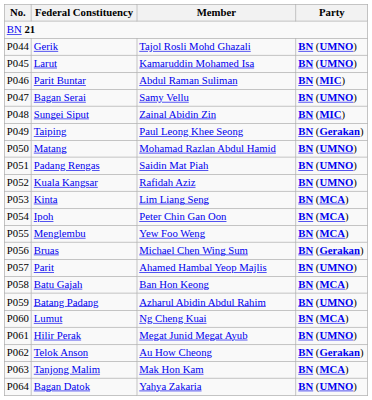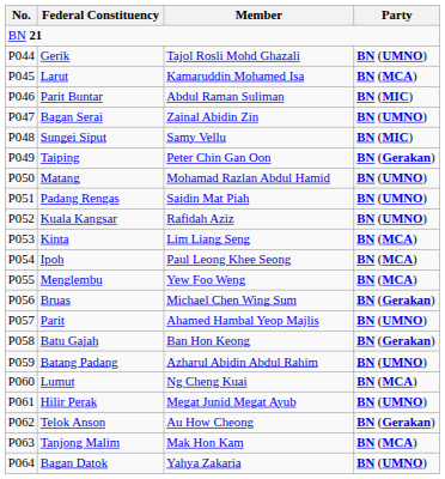 <table class="wikitable sortable">
 <tr>
 <th style="width:30px;">No.</th>
 <th style="width:150px;">Federal Constituency</th>
 <th style="width:230px;">Member</th>
 <th style="width:100px;">Party</th>
 </tr>
 <tr>
 <td colspan="4"><a href='#'>BN</a> <strong>21</strong></td>
 </tr>
 <tr>
 <td>P044</td>
 <td><a href='#'>Gerik</a></td>
 <td><a href='#'>Tajol Rosli Mohd Ghazali</a></td>
 <td><strong><a href='#'>BN</a></strong> (<strong><a href='#'>UMNO</a></strong>)</td>
 </tr>
 <tr>
 <td>P045</td>
 <td><a href='#'>Larut</a></td>
 <td><a href='#'>Kamaruddin Mohamed Isa</a></td>
-<td><strong><a href='#'>BN</a></strong> (<strong><a href='#'>UMNO</a></strong>)</td>
+<td><strong><a href='#'>BN</a></strong> (<strong><a href='#'>MCA</a></strong>)</td>
 </tr>
 <tr>
 <td>P046</td>
 <td><a href='#'>Parit Buntar</a></td>
 <td><a href='#'>Abdul Raman Suliman</a></td>
 <td><strong><a href='#'>BN</a></strong> (<strong><a href='#'>MIC</a></strong>)</td>
 </tr>
 <tr>
 <td>P047</td>
 <td><a href='#'>Bagan Serai</a></td>
-<td><a href='#'>Samy Vellu</a></td>
+<td><a href='#'>Zainal Abidin Zin</a></td>
 <td><strong><a href='#'>BN</a></strong> (<strong><a href='#'>UMNO</a></strong>)</td>
 </tr>
 <tr>
 <td>P048</td>
 <td><a href='#'>Sungei Siput</a></td>
-<td><a href='#'>Zainal Abidin Zin</a></td>
+<td><a href='#'>Samy Vellu</a></td>
 <td><strong><a href='#'>BN</a></strong> (<strong><a href='#'>MIC</a></strong>)</td>
 </tr>
 <tr>
 <td>P049</td>
 <td><a href='#'>Taiping</a></td>
-<td><a href='#'>Paul Leong Khee Seong</a></td>
+<td><a href='#'>Peter Chin Gan Oon</a></td>
 <td><strong><a href='#'>BN</a></strong> (<strong><a href='#'>Gerakan</a></strong>)</td>
 </tr>
 <tr>
 <td>P050</td>
 <td><a href='#'>Matang</a></td>
 <td><a href='#'>Mohamad Razlan Abdul Hamid</a></td>
 <td><strong><a href='#'>BN</a></strong> (<strong><a href='#'>UMNO</a></strong>)</td>
 </tr>
 <tr>
 <td>P051</td>
 <td><a href='#'>Padang Rengas</a></td>
 <td><a href='#'>Saidin Mat Piah</a></td>
 <td><strong><a href='#'>BN</a></strong> (<strong><a href='#'>UMNO</a></strong>)</td>
 </tr>
 <tr>
 <td>P052</td>
 <td><a href='#'>Kuala Kangsar</a></td>
 <td><a href='#'>Rafidah Aziz</a></td>
 <td><strong><a href='#'>BN</a></strong> (<strong><a href='#'>UMNO</a></strong>)</td>
 </tr>
 <tr>
 <td>P053</td>
 <td><a href='#'>Kinta</a></td>
 <td><a href='#'>Lim Liang Seng</a></td>
 <td><strong><a href='#'>BN</a></strong> (<strong><a href='#'>MCA</a></strong>)</td>
 </tr>
 <tr>
 <td>P054</td>
 <td><a href='#'>Ipoh</a></td>
-<td><a href='#'>Peter Chin Gan Oon</a></td>
+<td><a href='#'>Paul Leong Khee Seong</a></td>
 <td><strong><a href='#'>BN</a></strong> (<strong><a href='#'>MCA</a></strong>)</td>
 </tr>
 <tr>
 <td>P055</td>
 <td><a href='#'>Menglembu</a></td>
 <td><a href='#'>Yew Foo Weng</a></td>
 <td><strong><a href='#'>BN</a></strong> (<strong><a href='#'>MCA</a></strong>)</td>
 </tr>
 <tr>
 <td>P056</td>
 <td><a href='#'>Bruas</a></td>
 <td><a href='#'>Michael Chen Wing Sum</a></td>
 <td><strong><a href='#'>BN</a></strong> (<strong><a href='#'>Gerakan</a></strong>)</td>
 </tr>
 <tr>
 <td>P057</td>
 <td><a href='#'>Parit</a></td>
 <td><a href='#'>Ahamed Hambal Yeop Majlis</a></td>
 <td><strong><a href='#'>BN</a></strong> (<strong><a href='#'>UMNO</a></strong>)</td>
 </tr>
 <tr>
 <td>P058</td>
 <td><a href='#'>Batu Gajah</a></td>
 <td><a href='#'>Ban Hon Keong</a></td>
-<td><strong><a href='#'>BN</a></strong> (<strong><a href='#'>MCA</a></strong>)</td>
+<td><strong><a href='#'>BN</a></strong> (<strong><a href='#'>Gerakan</a></strong>)</td>
 </tr>
 <tr>
 <td>P059</td>
 <td><a href='#'>Batang Padang</a></td>
 <td><a href='#'>Azharul Abidin Abdul Rahim</a></td>
 <td><strong><a href='#'>BN</a></strong> (<strong><a href='#'>UMNO</a></strong>)</td>
 </tr>
 <tr>
 <td>P060</td>
 <td><a href='#'>Lumut</a></td>
 <td><a href='#'>Ng Cheng Kuai</a></td>
 <td><strong><a href='#'>BN</a></strong> (<strong><a href='#'>MCA</a></strong>)</td>
 </tr>
 <tr>
 <td>P061</td>
 <td><a href='#'>Hilir Perak</a></td>
 <td><a href='#'>Megat Junid Megat Ayub</a></td>
 <td><strong><a href='#'>BN</a></strong> (<strong><a href='#'>UMNO</a></strong>)</td>
 </tr>
 <tr>
 <td>P062</td>
 <td><a href='#'>Telok Anson</a></td>
 <td><a href='#'>Au How Cheong</a></td>
 <td><strong><a href='#'>BN</a></strong> (<strong><a href='#'>Gerakan</a></strong>)</td>
 </tr>
 <tr>
 <td>P063</td>
 <td><a href='#'>Tanjong Malim</a></td>
 <td><a href='#'>Mak Hon Kam</a></td>
 <td><strong><a href='#'>BN</a></strong> (<strong><a href='#'>MCA</a></strong>)</td>
 </tr>
 <tr>
 <td>P064</td>
 <td><a href='#'>Bagan Datok</a></td>
 <td><a href='#'>Yahya Zakaria</a></td>
 <td><strong><a href='#'>BN</a></strong> (<strong><a href='#'>UMNO</a></strong>)</td>
 </tr>
 </table>
